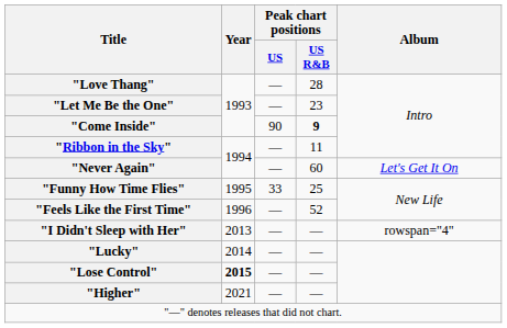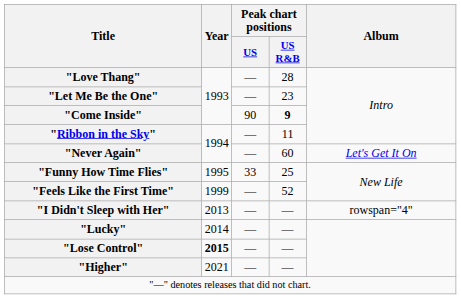 <table class="wikitable plainrowheaders" style="text-align:center;" border="1">
 <tr>
 <th scope="col" rowspan="2" style="width:16em;">Title</th>
 <th scope="col" rowspan="2">Year</th>
 <th scope="col" colspan="2">Peak chart positions</th>
 <th scope="col" rowspan="2" style="width:12em;">Album</th>
 </tr>
 <tr>
 <th scope="col" style="width:3em;font-size:90%;"><a href='#'>US</a><br></th>
 <th scope="col" style="width:3em;font-size:90%;"><a href='#'>US<br>R&B</a><br></th>
 </tr>
 <tr>
 <th scope="row">"Love Thang"</th>
 <td rowspan="3">1993</td>
 <td>—</td>
 <td>28</td>
 <td rowspan="4"><em>Intro</em></td>
 </tr>
 <tr>
 <th scope="row">"Let Me Be the One"</th>
 <td>—</td>
 <td>23</td>
 </tr>
 <tr>
 <th scope="row">"Come Inside"</th>
 <td>90</td>
 <td><strong>9</strong></td>
 </tr>
 <tr>
 <th scope="row">"<a href='#'>Ribbon in the Sky</a>"</th>
 <td rowspan="2">1994</td>
 <td>—</td>
 <td>11</td>
 </tr>
 <tr>
 <th scope="row">"Never Again"</th>
 <td>—</td>
 <td>60</td>
 <td><em><a href='#'>Let's Get It On</a></em></td>
 </tr>
 <tr>
 <th scope="row">"Funny How Time Flies"</th>
 <td>1995</td>
 <td>33</td>
 <td>25</td>
 <td rowspan="2"><em>New Life</em></td>
 </tr>
 <tr>
 <th scope="row">"Feels Like the First Time"</th>
-<td>1996</td>
+<td>1999</td>
 <td>—</td>
 <td>52</td>
 </tr>
 <tr>
 <th scope="row">"I Didn't Sleep with Her"</th>
 <td>2013</td>
 <td>—</td>
 <td>—</td>
 <td>rowspan="4" </td>
 </tr>
 <tr>
 <th scope="row">"Lucky"</th>
 <td>2014</td>
 <td>—</td>
 <td>—</td>
 </tr>
 <tr>
 <th scope="row">"Lose Control"</th>
 <td><strong>2015</strong></td>
 <td>—</td>
 <td>—</td>
 </tr>
 <tr>
 <th scope="row">"Higher"</th>
 <td>2021</td>
 <td>—</td>
 <td>—</td>
 </tr>
 <tr>
 <td colspan="7" style="text-align:center; font-size:85%">"—" denotes releases that did not chart.</td>
 </tr>
 </table>
